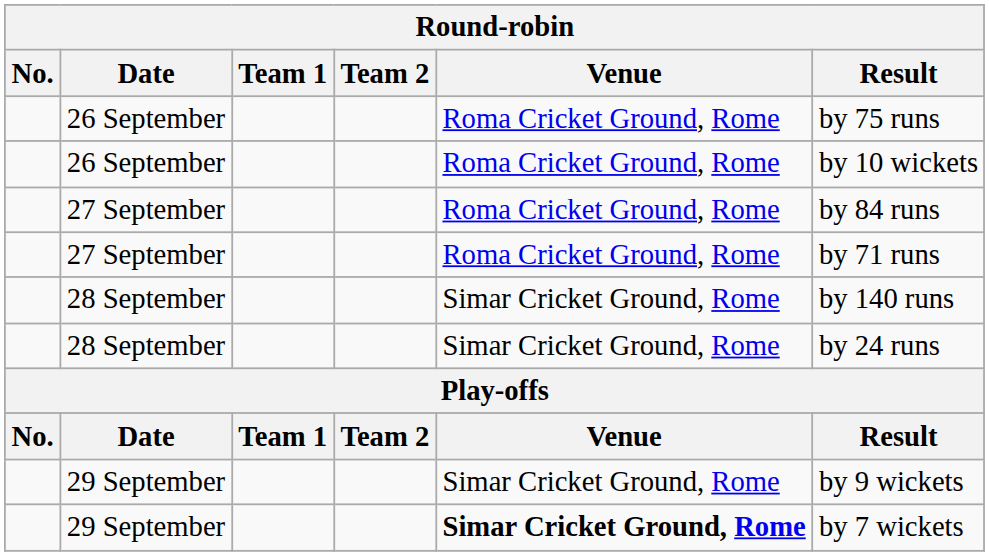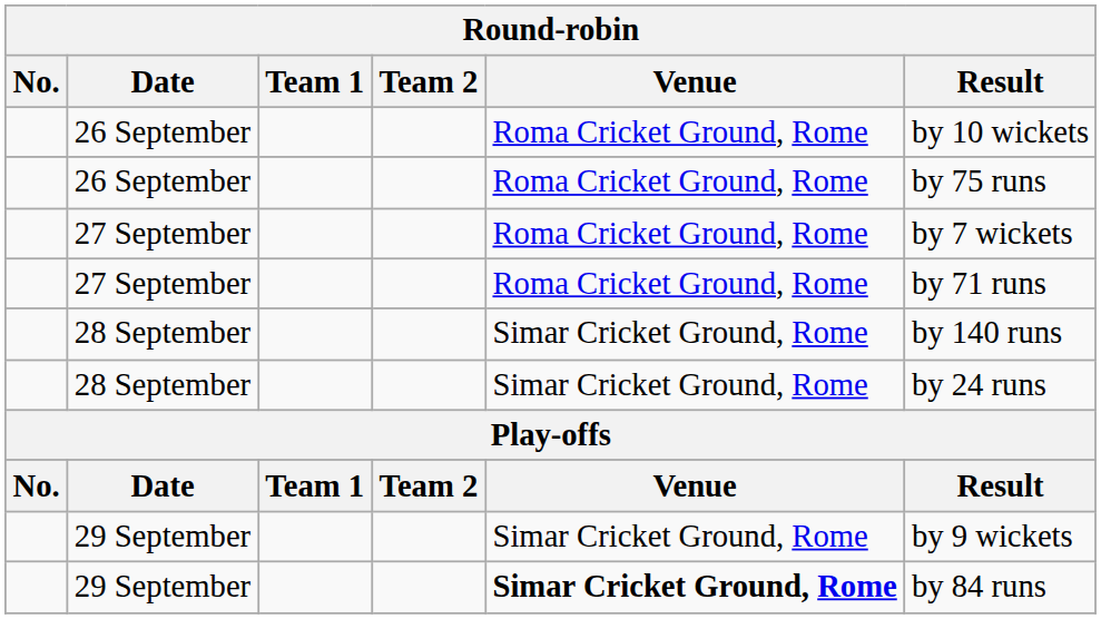 <table class="wikitable">
 <tr>
 <th colspan="6">Round-robin</th>
 </tr>
 <tr>
 <th>No.</th>
 <th>Date</th>
 <th>Team 1</th>
 <th>Team 2</th>
 <th>Venue</th>
 <th>Result</th>
 </tr>
 <tr>
 <td></td>
 <td>26 September</td>
 <td></td>
 <td></td>
 <td><a href='#'>Roma Cricket Ground</a>, <a href='#'>Rome</a></td>
-<td> by 75 runs</td>
+<td> by 10 wickets</td>
 </tr>
 <tr>
 <td></td>
 <td>26 September</td>
 <td></td>
 <td></td>
 <td><a href='#'>Roma Cricket Ground</a>, <a href='#'>Rome</a></td>
-<td> by 10 wickets</td>
+<td> by 75 runs</td>
 </tr>
 <tr>
 <td></td>
 <td>27 September</td>
 <td></td>
 <td></td>
 <td><a href='#'>Roma Cricket Ground</a>, <a href='#'>Rome</a></td>
-<td> by 84 runs</td>
+<td> by 7 wickets</td>
 </tr>
 <tr>
 <td></td>
 <td>27 September</td>
 <td></td>
 <td></td>
 <td><a href='#'>Roma Cricket Ground</a>, <a href='#'>Rome</a></td>
 <td> by 71 runs</td>
 </tr>
 <tr>
 <td></td>
 <td>28 September</td>
 <td></td>
 <td></td>
 <td>Simar Cricket Ground, <a href='#'>Rome</a></td>
 <td> by 140 runs</td>
 </tr>
 <tr>
 <td></td>
 <td>28 September</td>
 <td></td>
 <td></td>
 <td>Simar Cricket Ground, <a href='#'>Rome</a></td>
 <td> by 24 runs</td>
 </tr>
 <tr>
 <th colspan="6">Play-offs</th>
 </tr>
 <tr>
 <th>No.</th>
 <th>Date</th>
 <th>Team 1</th>
 <th>Team 2</th>
 <th>Venue</th>
 <th>Result</th>
 </tr>
 <tr>
 <td></td>
 <td>29 September</td>
 <td></td>
 <td></td>
 <td>Simar Cricket Ground, <a href='#'>Rome</a></td>
 <td> by 9 wickets</td>
 </tr>
 <tr>
 <td></td>
 <td>29 September</td>
 <td></td>
 <td></td>
 <td><strong>Simar Cricket Ground, <a href='#'>Rome</a></strong></td>
-<td> by 7 wickets</td>
+<td> by 84 runs</td>
 </tr>
 </table>
